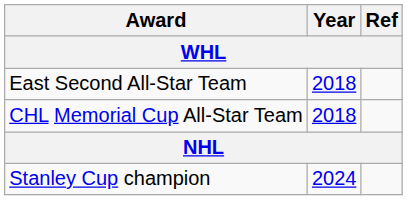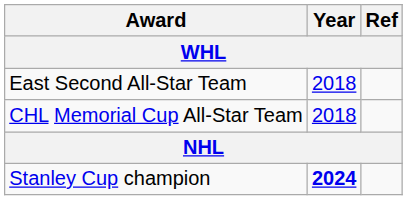 <table class="wikitable">
 <tr>
 <th>Award</th>
 <th>Year</th>
 <th>Ref</th>
 </tr>
 <tr>
 <th colspan="3"><a href='#'>WHL</a></th>
 </tr>
 <tr>
 <td>East Second All-Star Team</td>
 <td><a href='#'>2018</a></td>
 <td></td>
 </tr>
 <tr>
 <td><a href='#'>CHL</a> <a href='#'>Memorial Cup</a> All-Star Team</td>
 <td><a href='#'>2018</a></td>
 <td></td>
 </tr>
 <tr>
 <th colspan="4"><a href='#'>NHL</a></th>
 </tr>
 <tr>
 <td><a href='#'>Stanley Cup</a> champion</td>
-<td><a href='#'>2024</a></td>
+<td><strong><a href='#'>2024</a></strong></td>
 <td></td>
 </tr>
 </table>
